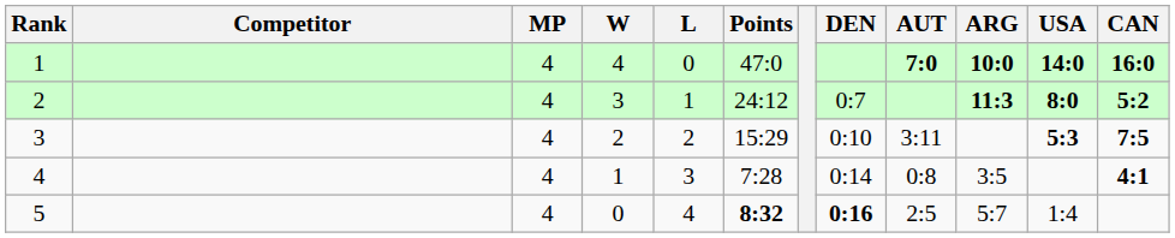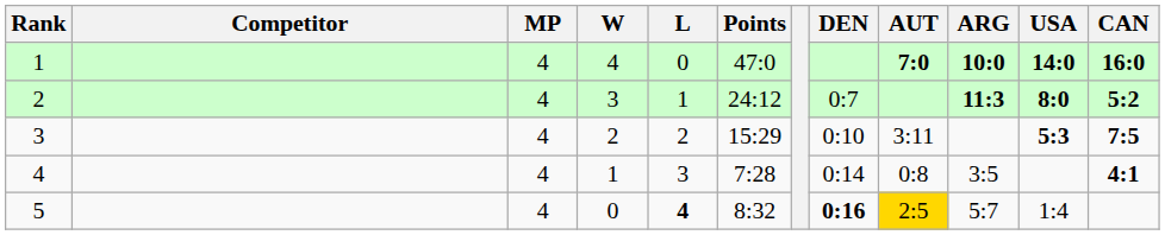 <table class="wikitable" style="text-align:center">
 <tr>
 <th>Rank</th>
 <th style="width:18em">Competitor</th>
 <th style="width:2.5em">MP</th>
 <th style="width:2.5em">W</th>
 <th style="width:2.5em">L</th>
 <th>Points</th>
 <th rowspan="6"> </th>
 <th style="width:2.5em">DEN</th>
 <th style="width:2.5em">AUT</th>
 <th style="width:2.5em">ARG</th>
 <th style="width:2.5em">USA</th>
 <th style="width:2.5em">CAN</th>
 </tr>
 <tr style="background:#cfc;">
 <td>1</td>
 <td style="text-align:left"></td>
 <td>4</td>
 <td>4</td>
 <td>0</td>
 <td>47:0</td>
 <td></td>
 <td><strong>7:0</strong></td>
 <td><strong>10:0</strong></td>
 <td><strong>14:0</strong></td>
 <td><strong>16:0</strong></td>
 </tr>
 <tr style="background:#cfc;">
 <td>2</td>
 <td style="text-align:left"></td>
 <td>4</td>
 <td>3</td>
 <td>1</td>
 <td>24:12</td>
 <td>0:7</td>
 <td></td>
 <td><strong>11:3</strong></td>
 <td><strong>8:0</strong></td>
 <td><strong>5:2</strong></td>
 </tr>
 <tr>
 <td>3</td>
 <td style="text-align:left"></td>
 <td>4</td>
 <td>2</td>
 <td>2</td>
 <td>15:29</td>
 <td>0:10</td>
 <td>3:11</td>
 <td></td>
 <td><strong>5:3</strong></td>
 <td><strong>7:5</strong></td>
 </tr>
 <tr>
 <td>4</td>
 <td style="text-align:left"></td>
 <td>4</td>
 <td>1</td>
 <td>3</td>
 <td>7:28</td>
 <td>0:14</td>
 <td>0:8</td>
 <td>3:5</td>
 <td></td>
 <td><strong>4:1</strong></td>
 </tr>
 <tr>
 <td>5</td>
 <td style="text-align:left"></td>
 <td>4</td>
 <td>0</td>
-<td>4</td>
-<td><strong>8:32</strong></td>
+<td><strong>4</strong></td>
+<td>8:32</td>
 <td><strong>0:16</strong></td>
-<td>2:5</td>
+<td style="background: gold;">2:5</td>
 <td>5:7</td>
 <td>1:4</td>
 <td></td>
 </tr>
 </table>
